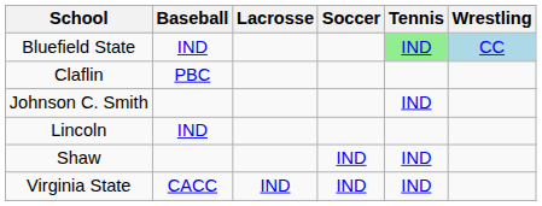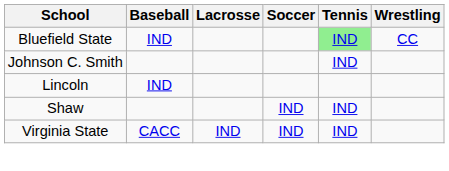 <table class="wikitable" style="text-align:center;">
 <tr>
 <th>School</th>
 <th>Baseball</th>
 <th>Lacrosse</th>
 <th>Soccer</th>
 <th>Tennis</th>
 <th>Wrestling</th>
 </tr>
 <tr>
 <td>Bluefield State</td>
 <td><a href='#'>IND</a></td>
 <td></td>
 <td></td>
 <td style="background: lightgreen;"><a href='#'>IND</a></td>
-<td style="background: lightblue;"><a href='#'>CC</a></td>
-</tr>
-<tr>
-<td>Claflin</td>
-<td><a href='#'>PBC</a></td>
-<td></td>
-<td></td>
-<td></td>
-<td></td>
+<td><a href='#'>CC</a></td>
 </tr>
 <tr>
 <td>Johnson C. Smith</td>
 <td></td>
 <td></td>
 <td></td>
 <td><a href='#'>IND</a></td>
 <td></td>
 </tr>
 <tr>
 <td>Lincoln</td>
 <td><a href='#'>IND</a></td>
 <td></td>
 <td></td>
 <td></td>
 <td></td>
 </tr>
 <tr>
 <td>Shaw</td>
 <td></td>
 <td></td>
 <td><a href='#'>IND</a></td>
 <td><a href='#'>IND</a></td>
 <td></td>
 </tr>
 <tr>
 <td>Virginia State</td>
 <td><a href='#'>CACC</a></td>
 <td><a href='#'>IND</a></td>
 <td><a href='#'>IND</a></td>
 <td><a href='#'>IND</a></td>
 <td></td>
 </tr>
 </table>
